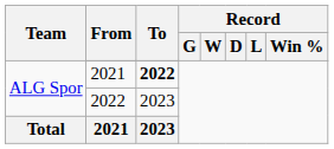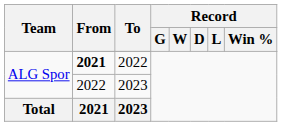 <table class="wikitable" style="text-align: center">
 <tr>
 <th rowspan="2">Team</th>
 <th rowspan="2">From</th>
 <th rowspan="2">To</th>
 <th colspan="5">Record</th>
 </tr>
 <tr>
 <th>G</th>
 <th>W</th>
 <th>D</th>
 <th>L</th>
 <th>Win %</th>
 </tr>
 <tr>
 <td rowspan=3 align=left><a href='#'>ALG Spor</a></td>
 </tr>
 <tr -bgcolor=gold>
-<td align=left>2021</td>
-<td align=left><strong>2022<br></strong></td>
+<td align=left><strong>2021</strong></td>
+<td align=left>2022<br></td>
 </tr>
 <tr>
 <td align=left>2022</td>
 <td align=left>2023<br></td>
 </tr>
 <tr>
 <th align=left>Total</th>
 <th align=left>2021</th>
 <th align=left>2023<br></th>
 </tr>
 </table>
